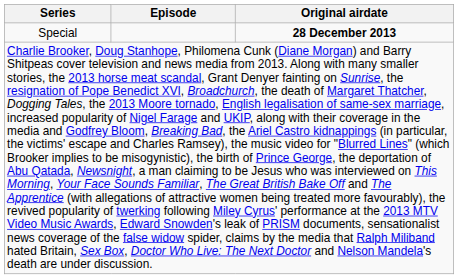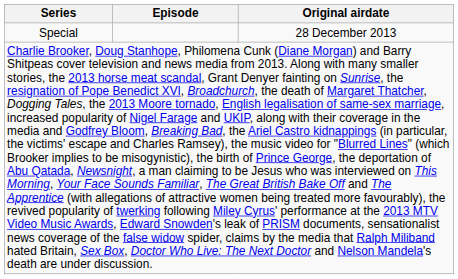 <table class="wikitable" style="text-align:center">
 <tr>
 <th>Series</th>
 <th>Episode</th>
 <th>Original airdate</th>
 </tr>
 <tr>
 <td>Special</td>
 <td></td>
-<td><strong>28 December 2013</strong></td>
+<td>28 December 2013</td>
 </tr>
 <tr>
 <td colspan="3" align="left"><a href='#'>Charlie Brooker</a>, <a href='#'>Doug Stanhope</a>, Philomena Cunk (<a href='#'>Diane Morgan</a>) and Barry Shitpeas cover television and news media from 2013. Along with many smaller stories, the <a href='#'>2013 horse meat scandal</a>, Grant Denyer fainting on <em><a href='#'>Sunrise</a></em>, the <a href='#'>resignation of Pope Benedict XVI</a>, <em><a href='#'>Broadchurch</a></em>, the death of <a href='#'>Margaret Thatcher</a>, <em>Dogging Tales</em>, the <a href='#'>2013 Moore tornado</a>, <a href='#'>English legalisation of same-sex marriage</a>, increased popularity of <a href='#'>Nigel Farage</a> and <a href='#'>UKIP</a>, along with their coverage in the media and <a href='#'>Godfrey Bloom</a>, <em><a href='#'>Breaking Bad</a></em>, the <a href='#'>Ariel Castro kidnappings</a> (in particular, the victims' escape and Charles Ramsey), the music video for "<a href='#'>Blurred Lines</a>" (which Brooker implies to be misogynistic), the birth of <a href='#'>Prince George</a>, the deportation of <a href='#'>Abu Qatada</a>, <em><a href='#'>Newsnight</a></em>, a man claiming to be Jesus who was interviewed on <em><a href='#'>This Morning</a></em>, <em><a href='#'>Your Face Sounds Familiar</a></em>, <em><a href='#'>The Great British Bake Off</a></em> and <em><a href='#'>The Apprentice</a></em> (with allegations of attractive women being treated more favourably), the revived popularity of <a href='#'>twerking</a> following <a href='#'>Miley Cyrus</a>' performance at the <a href='#'>2013 MTV Video Music Awards</a>, <a href='#'>Edward Snowden</a>'s leak of <a href='#'>PRISM</a> documents, sensationalist news coverage of the <a href='#'>false widow</a> spider, claims by the media that <a href='#'>Ralph Miliband</a> hated Britain, <em><a href='#'>Sex Box</a></em>, <em><a href='#'>Doctor Who Live: The Next Doctor</a></em> and <a href='#'>Nelson Mandela</a>'s death are under discussion.</td>
 </tr>
 </table>
